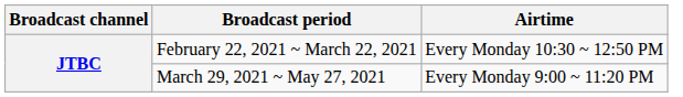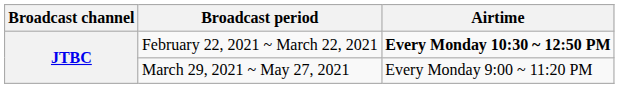 <table class="wikitable" style="font-size:90%;">
 <tr>
 <th>Broadcast channel</th>
 <th>Broadcast period</th>
 <th>Airtime</th>
 </tr>
 <tr>
 <th rowspan="2"><a href='#'>JTBC</a></th>
 <td>February 22, 2021 ~ March 22, 2021</td>
-<td>Every Monday 10:30 ~ 12:50 PM</td>
+<td><strong>Every Monday 10:30 ~ 12:50 PM</strong></td>
 </tr>
 <tr>
 <td>March 29, 2021 ~ May 27, 2021</td>
 <td>Every Monday 9:00 ~ 11:20 PM</td>
 </tr>
 </table>
